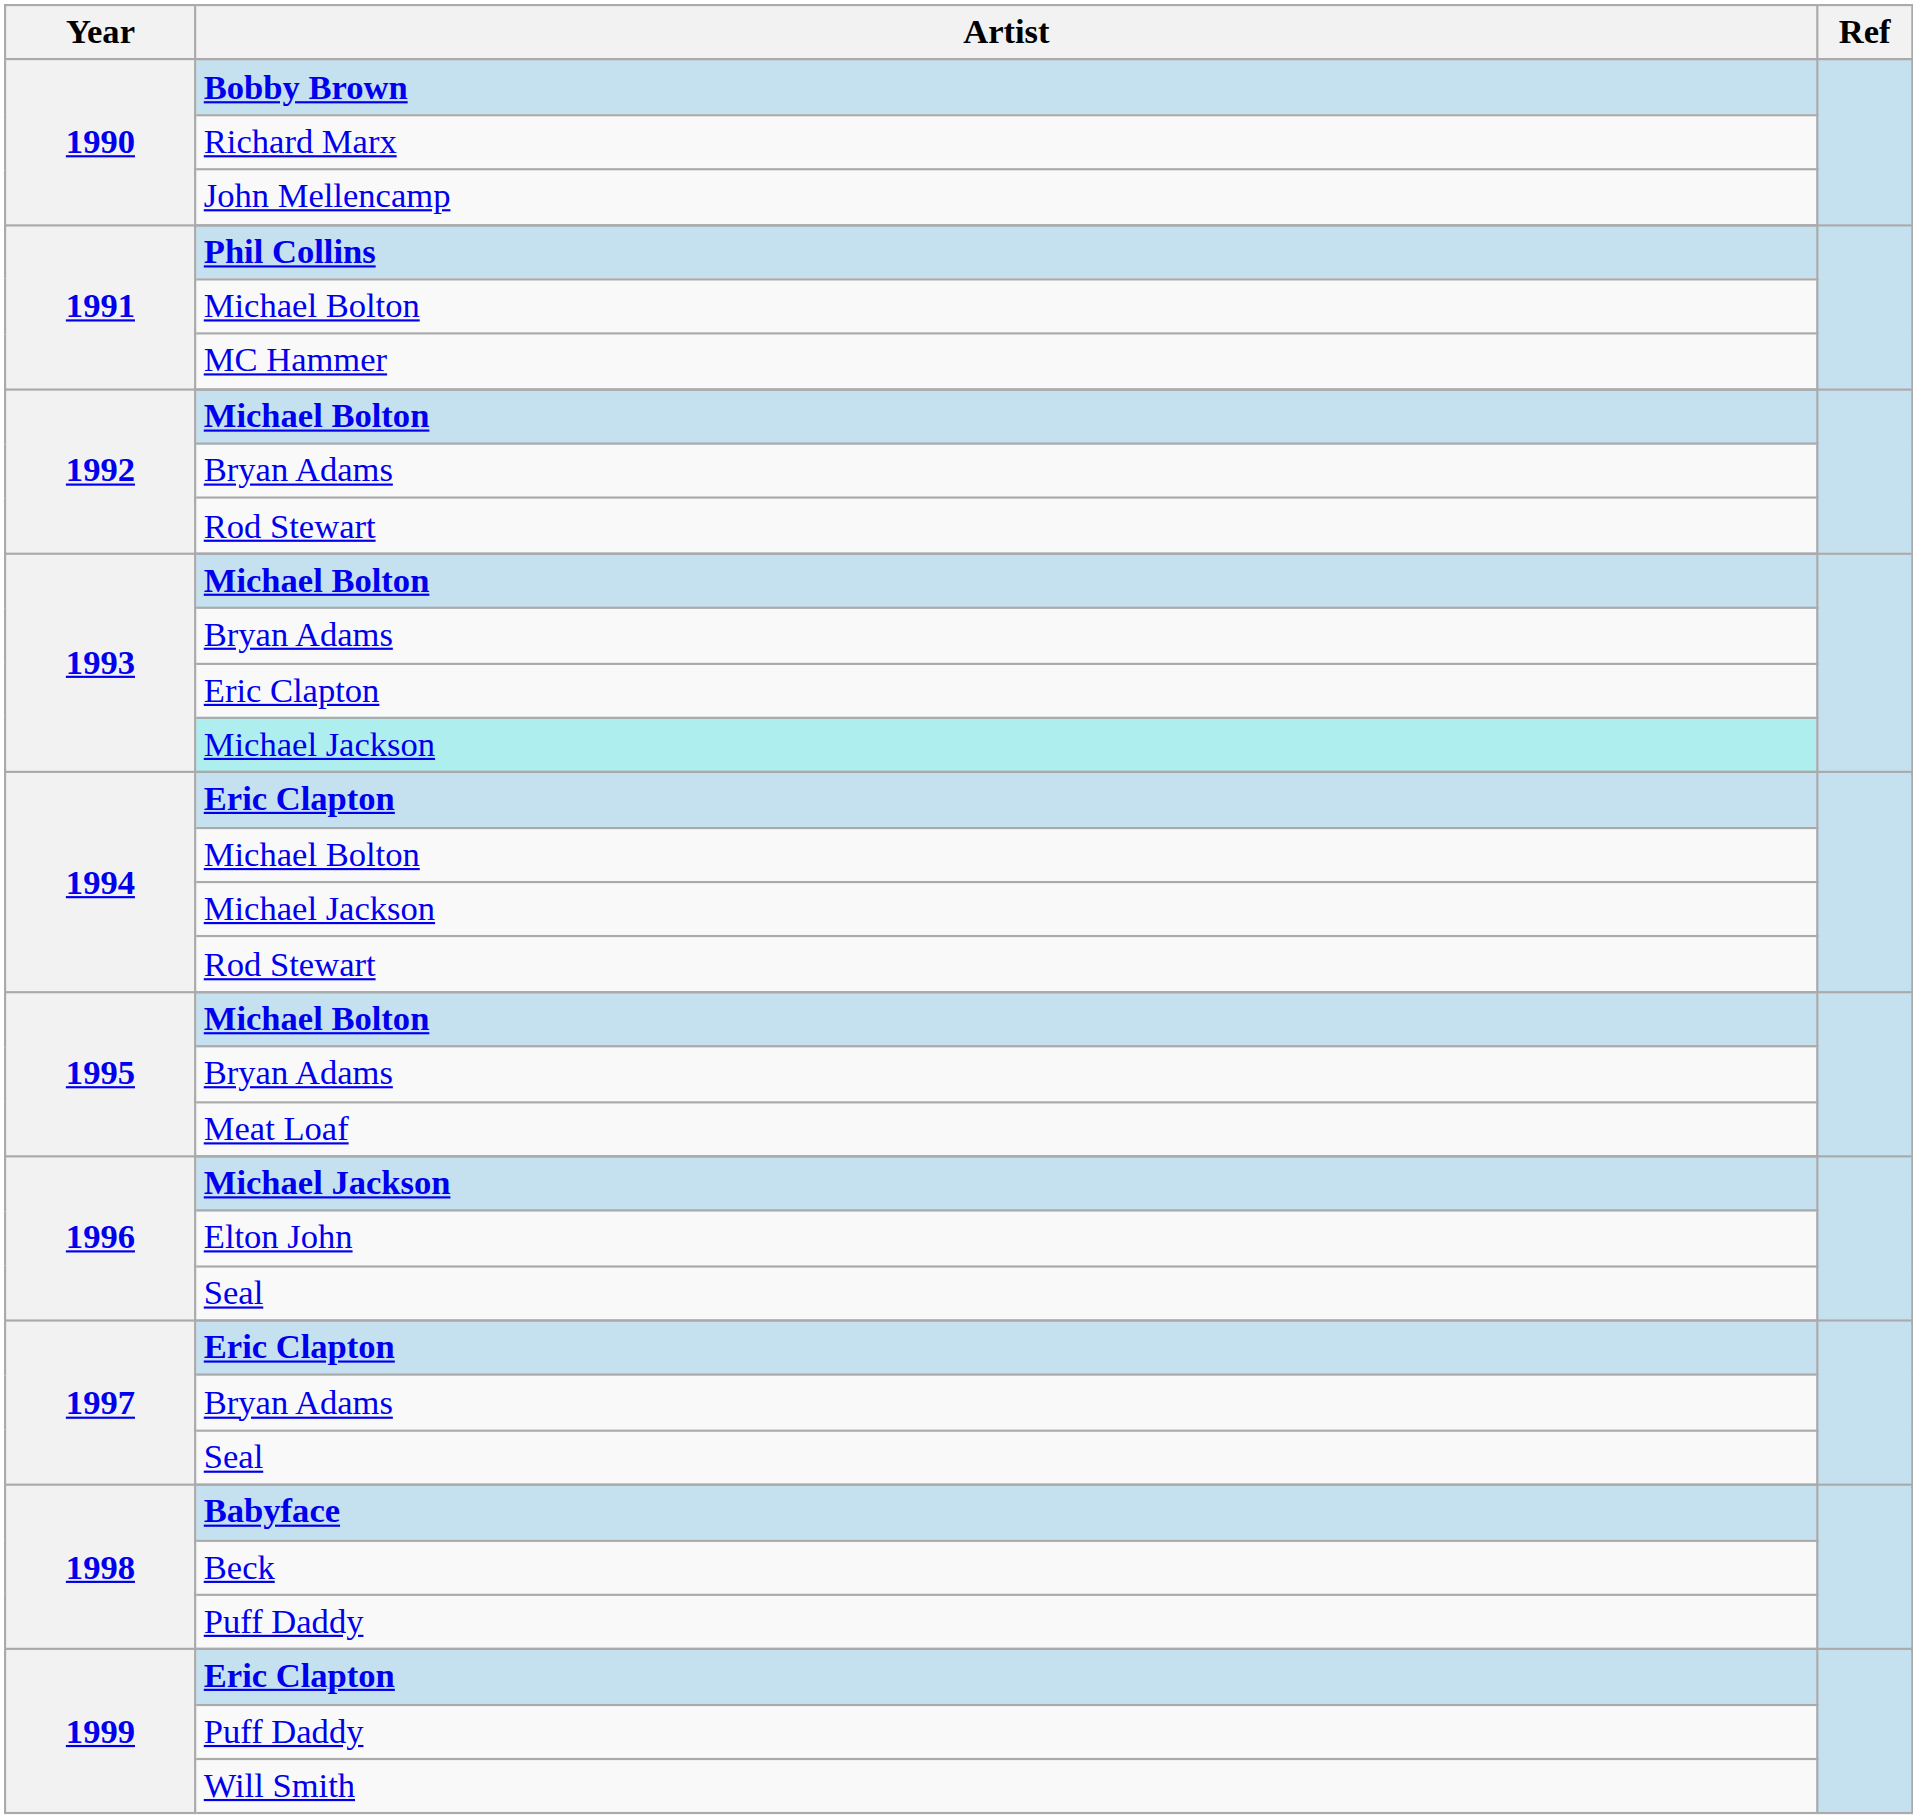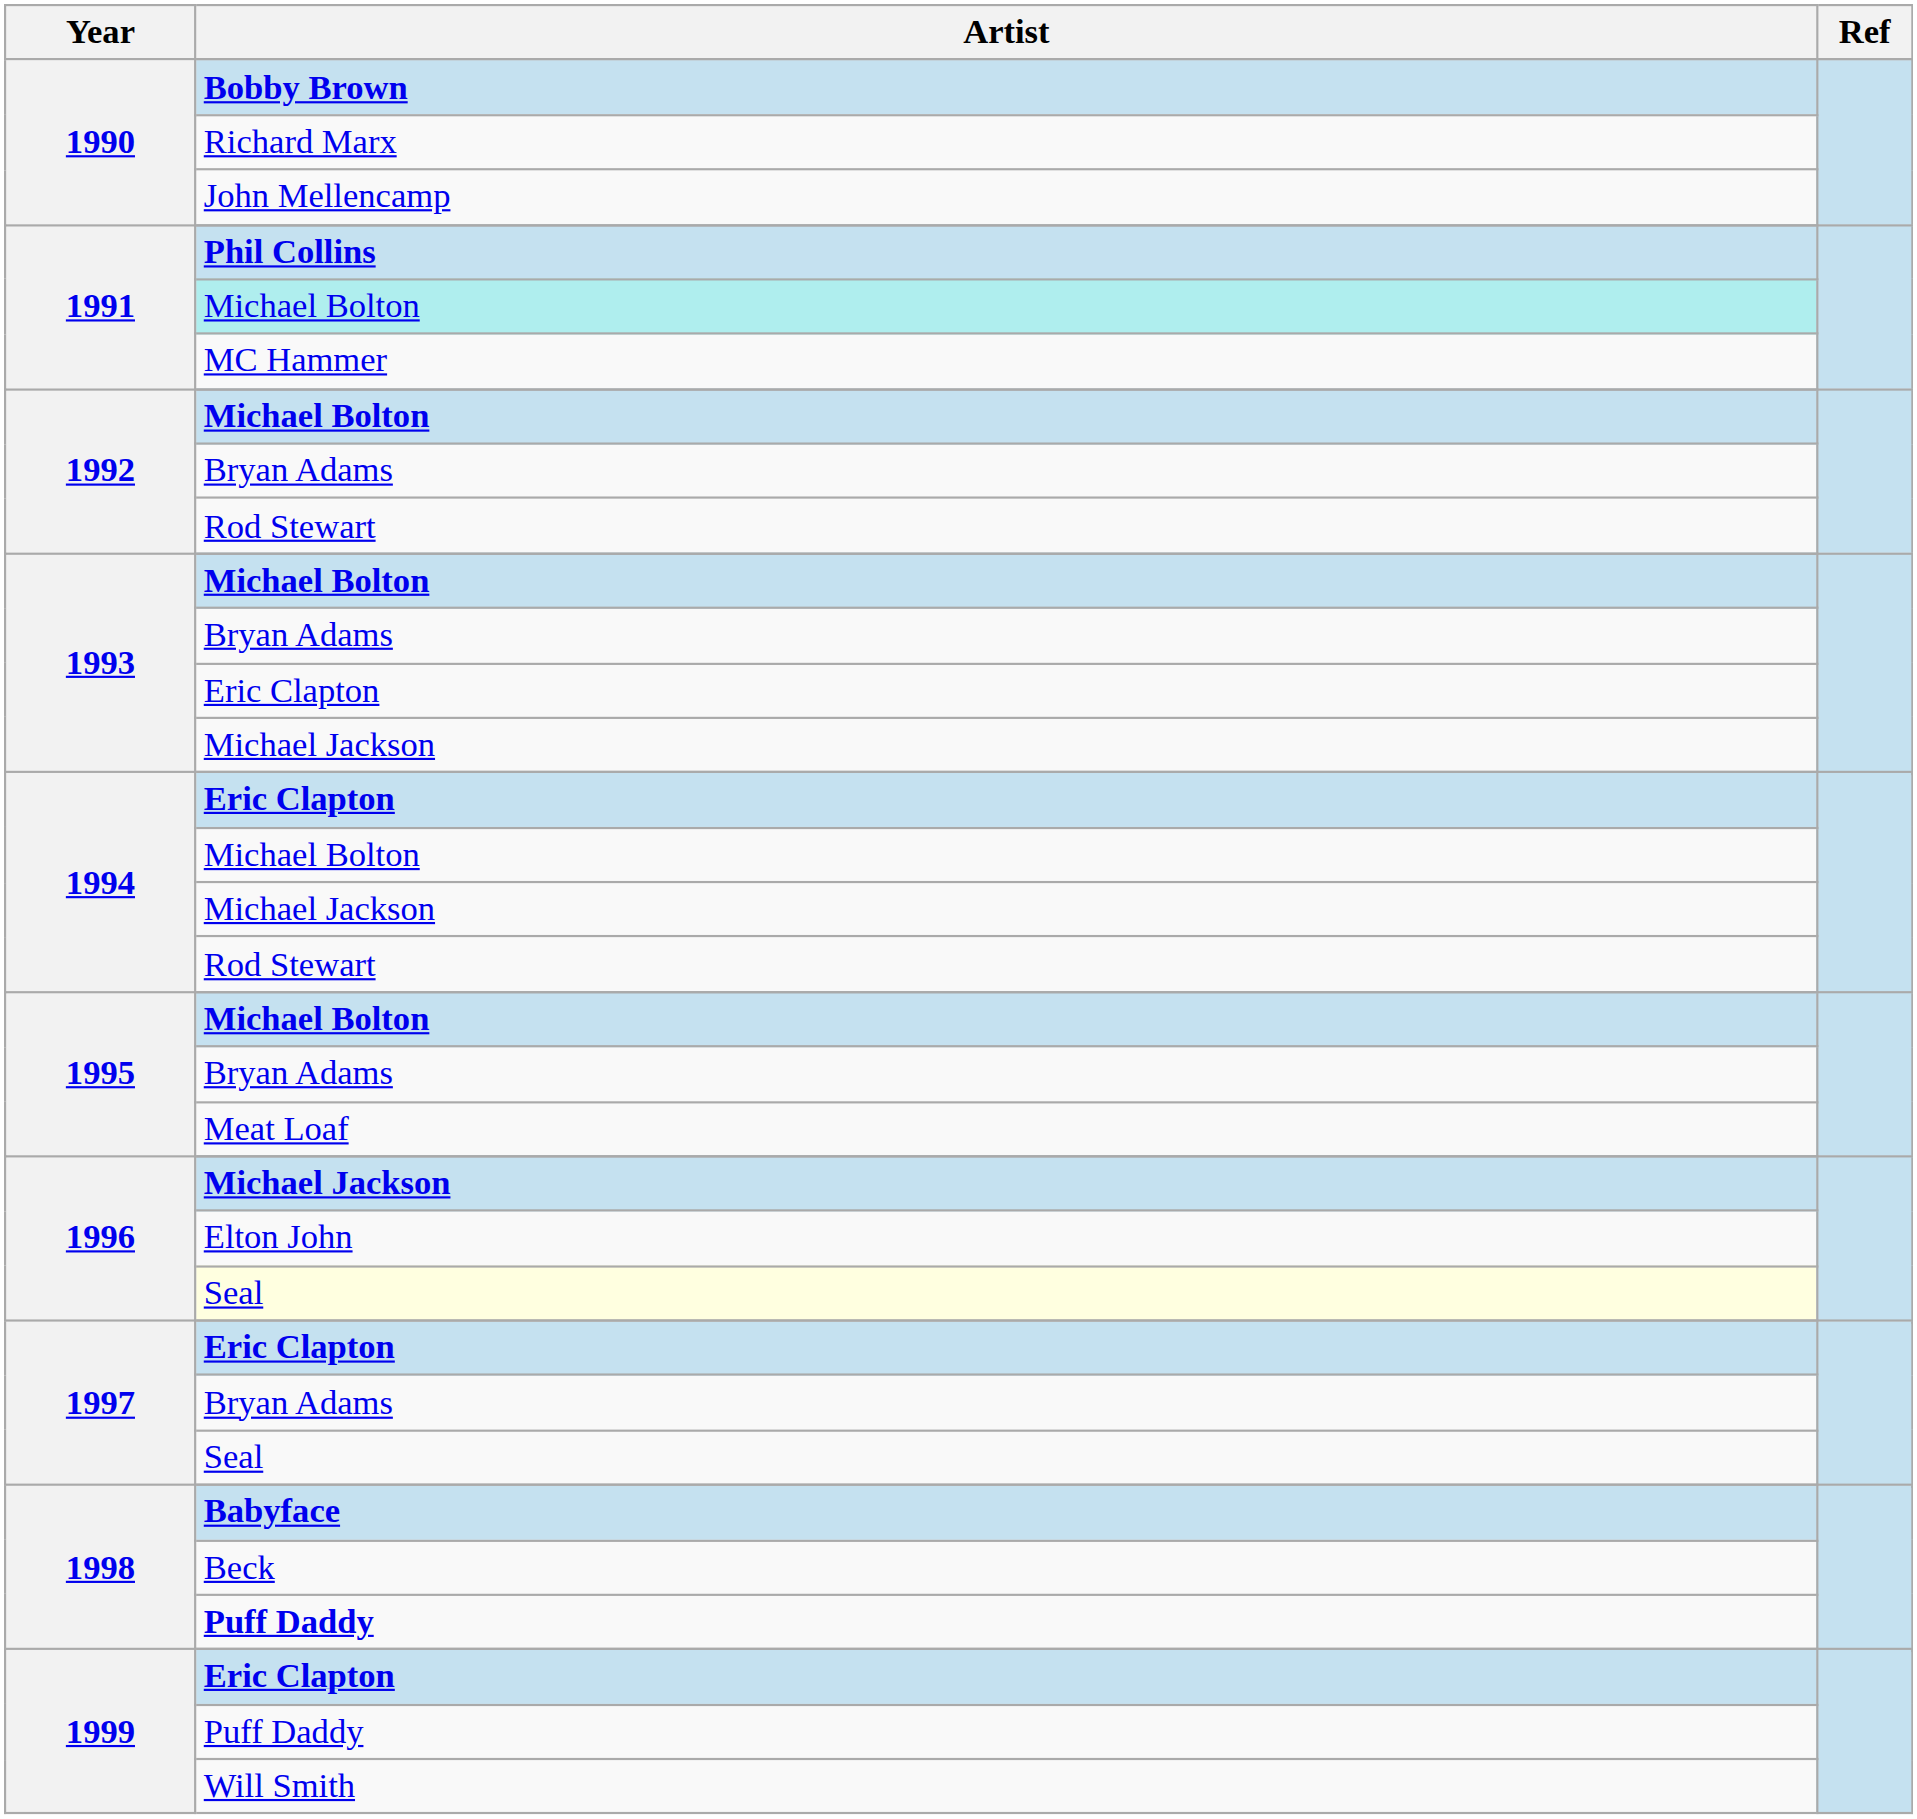 <table class="wikitable" width="100%">
 <tr>
 <th width="10%">Year</th>
 <th width="85%">Artist</th>
 <th width="5%">Ref</th>
 </tr>
 <tr>
 <th rowspan="4" align="center"><a href='#'>1990<br></a></th>
 </tr>
 <tr style="background:#c5e1f0">
 <td><strong><a href='#'>Bobby Brown</a></strong></td>
 <td rowspan="4" align="center"></td>
 </tr>
 <tr>
 <td><a href='#'>Richard Marx</a></td>
 </tr>
 <tr>
 <td><a href='#'>John Mellencamp</a></td>
 </tr>
 <tr>
 <th rowspan="4" align="center"><a href='#'>1991<br></a></th>
 </tr>
 <tr style="background:#c5e1f0">
 <td><strong><a href='#'>Phil Collins</a></strong></td>
 <td rowspan="4" align="center"></td>
 </tr>
 <tr>
-<td><a href='#'>Michael Bolton</a></td>
+<td style="background: paleturquoise;"><a href='#'>Michael Bolton</a></td>
 </tr>
 <tr>
 <td><a href='#'>MC Hammer</a></td>
 </tr>
 <tr>
 <th rowspan="4" align="center"><a href='#'>1992<br></a></th>
 </tr>
 <tr style="background:#c5e1f0">
 <td><strong><a href='#'>Michael Bolton</a></strong></td>
 <td rowspan="4" align="center"></td>
 </tr>
 <tr>
 <td><a href='#'>Bryan Adams</a></td>
 </tr>
 <tr>
 <td><a href='#'>Rod Stewart</a></td>
 </tr>
 <tr>
 <th rowspan="5" align="center"><a href='#'>1993<br></a></th>
 </tr>
 <tr style="background:#c5e1f0">
 <td><strong><a href='#'>Michael Bolton</a></strong></td>
 <td rowspan="5" align="center"></td>
 </tr>
 <tr>
 <td><a href='#'>Bryan Adams</a></td>
 </tr>
 <tr>
 <td><a href='#'>Eric Clapton</a></td>
 </tr>
 <tr>
-<td style="background: paleturquoise;"><a href='#'>Michael Jackson</a></td>
+<td><a href='#'>Michael Jackson</a></td>
 </tr>
 <tr>
 <th rowspan="5" align="center"><a href='#'>1994<br></a></th>
 </tr>
 <tr style="background:#c5e1f0">
 <td><strong><a href='#'>Eric Clapton</a></strong></td>
 <td rowspan="5" align="center"></td>
 </tr>
 <tr>
 <td><a href='#'>Michael Bolton</a></td>
 </tr>
 <tr>
 <td><a href='#'>Michael Jackson</a></td>
 </tr>
 <tr>
 <td><a href='#'>Rod Stewart</a></td>
 </tr>
 <tr>
 <th rowspan="4" align="center"><a href='#'>1995<br></a></th>
 </tr>
 <tr style="background:#c5e1f0">
 <td><strong><a href='#'>Michael Bolton</a></strong></td>
 <td rowspan="4" align="center"></td>
 </tr>
 <tr>
 <td><a href='#'>Bryan Adams</a></td>
 </tr>
 <tr>
 <td><a href='#'>Meat Loaf</a></td>
 </tr>
 <tr>
 <th rowspan="4" align="center"><a href='#'>1996<br></a></th>
 </tr>
 <tr style="background:#c5e1f0">
 <td><strong><a href='#'>Michael Jackson</a></strong></td>
 <td rowspan="4" align="center"></td>
 </tr>
 <tr>
 <td><a href='#'>Elton John</a></td>
 </tr>
 <tr>
-<td><a href='#'>Seal</a></td>
+<td style="background: lightyellow;"><a href='#'>Seal</a></td>
 </tr>
 <tr>
 <th rowspan="4" align="center"><a href='#'>1997<br></a></th>
 </tr>
 <tr style="background:#c5e1f0">
 <td><strong><a href='#'>Eric Clapton</a></strong></td>
 <td rowspan="4" align="center"></td>
 </tr>
 <tr>
 <td><a href='#'>Bryan Adams</a></td>
 </tr>
 <tr>
 <td><a href='#'>Seal</a></td>
 </tr>
 <tr>
 <th rowspan="4" align="center"><a href='#'>1998<br></a></th>
 </tr>
 <tr style="background:#c5e1f0">
 <td><strong><a href='#'>Babyface</a></strong></td>
 <td rowspan="4" align="center"></td>
 </tr>
 <tr>
 <td><a href='#'>Beck</a></td>
 </tr>
 <tr>
-<td><a href='#'>Puff Daddy</a></td>
+<td><strong><a href='#'>Puff Daddy</a></strong></td>
 </tr>
 <tr>
 <th rowspan="4" align="center"><a href='#'>1999<br></a></th>
 </tr>
 <tr style="background:#c5e1f0">
 <td><strong><a href='#'>Eric Clapton</a></strong></td>
 <td rowspan="4" align="center"></td>
 </tr>
 <tr>
 <td><a href='#'>Puff Daddy</a></td>
 </tr>
 <tr>
 <td><a href='#'>Will Smith</a></td>
 </tr>
 </table>
